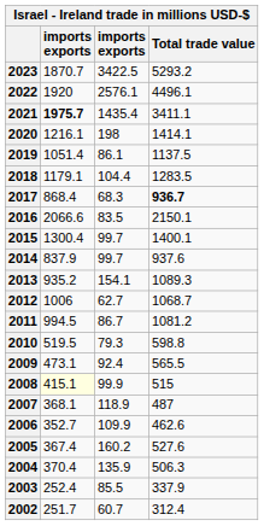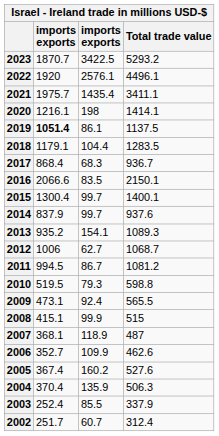 <table class="wikitable mw-collapsible mw-collapsed">
 <tr>
 <th colspan="4">Israel - Ireland trade in millions USD-$</th>
 </tr>
 <tr>
 <th></th>
 <th> imports<br> exports</th>
 <th> imports<br> exports</th>
 <th>Total trade value</th>
 </tr>
 <tr>
 <th>2023</th>
 <td>1870.7</td>
 <td>3422.5</td>
 <td>5293.2</td>
 </tr>
 <tr>
 <th>2022</th>
 <td>1920</td>
 <td>2576.1</td>
 <td>4496.1</td>
 </tr>
 <tr>
 <th>2021</th>
-<td><strong>1975.7</strong></td>
+<td>1975.7</td>
 <td>1435.4</td>
 <td>3411.1</td>
 </tr>
 <tr>
 <th>2020</th>
 <td>1216.1</td>
 <td>198</td>
 <td>1414.1</td>
 </tr>
 <tr>
 <th>2019</th>
-<td>1051.4</td>
+<td><strong>1051.4</strong></td>
 <td>86.1</td>
 <td>1137.5</td>
 </tr>
 <tr>
 <th>2018</th>
 <td>1179.1</td>
 <td>104.4</td>
 <td>1283.5</td>
 </tr>
 <tr>
 <th>2017</th>
 <td>868.4</td>
 <td>68.3</td>
-<td><strong>936.7</strong></td>
+<td>936.7</td>
 </tr>
 <tr>
 <th>2016</th>
 <td>2066.6</td>
 <td>83.5</td>
 <td>2150.1</td>
 </tr>
 <tr>
 <th>2015</th>
 <td>1300.4</td>
 <td>99.7</td>
 <td>1400.1</td>
 </tr>
 <tr>
 <th>2014</th>
 <td>837.9</td>
 <td>99.7</td>
 <td>937.6</td>
 </tr>
 <tr>
 <th>2013</th>
 <td>935.2</td>
 <td>154.1</td>
 <td>1089.3</td>
 </tr>
 <tr>
 <th>2012</th>
 <td>1006</td>
 <td>62.7</td>
 <td>1068.7</td>
 </tr>
 <tr>
 <th>2011</th>
 <td>994.5</td>
 <td>86.7</td>
 <td>1081.2</td>
 </tr>
 <tr>
 <th>2010</th>
 <td>519.5</td>
 <td>79.3</td>
 <td>598.8</td>
 </tr>
 <tr>
 <th>2009</th>
 <td>473.1</td>
 <td>92.4</td>
 <td>565.5</td>
 </tr>
 <tr>
 <th>2008</th>
-<td style="background: lightyellow;">415.1</td>
+<td>415.1</td>
 <td>99.9</td>
 <td>515</td>
 </tr>
 <tr>
 <th>2007</th>
 <td>368.1</td>
 <td>118.9</td>
 <td>487</td>
 </tr>
 <tr>
 <th>2006</th>
 <td>352.7</td>
 <td>109.9</td>
 <td>462.6</td>
 </tr>
 <tr>
 <th>2005</th>
 <td>367.4</td>
 <td>160.2</td>
 <td>527.6</td>
 </tr>
 <tr>
 <th>2004</th>
 <td>370.4</td>
 <td>135.9</td>
 <td>506.3</td>
 </tr>
 <tr>
 <th>2003</th>
 <td>252.4</td>
 <td>85.5</td>
 <td>337.9</td>
 </tr>
 <tr>
 <th>2002</th>
 <td>251.7</td>
 <td>60.7</td>
 <td>312.4</td>
 </tr>
 </table>
